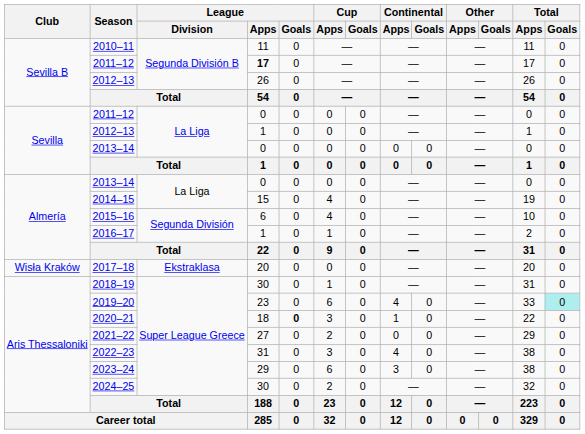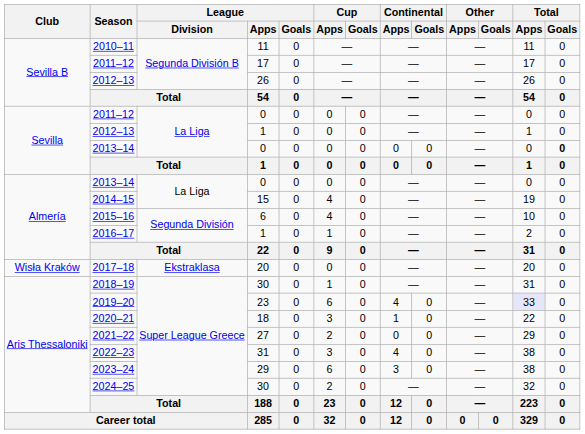 <table class="wikitable" style="text-align: center;">
 <tr>
 <th rowspan=2>Club</th>
 <th rowspan=2>Season</th>
 <th colspan=3>League</th>
 <th colspan=2>Cup</th>
 <th colspan=2>Continental</th>
 <th colspan=2>Other</th>
 <th colspan=2>Total</th>
 </tr>
 <tr>
 <th>Division</th>
 <th>Apps</th>
 <th>Goals</th>
 <th>Apps</th>
 <th>Goals</th>
 <th>Apps</th>
 <th>Goals</th>
 <th>Apps</th>
 <th>Goals</th>
 <th>Apps</th>
 <th>Goals</th>
 </tr>
 <tr>
 <td rowspan="4"><a href='#'>Sevilla B</a></td>
 <td><a href='#'>2010–11</a></td>
 <td rowspan="3"><a href='#'>Segunda División B</a></td>
 <td>11</td>
 <td>0</td>
 <td colspan="2">—</td>
 <td colspan="2">—</td>
 <td colspan="2">—</td>
 <td>11</td>
 <td>0</td>
 </tr>
 <tr>
 <td><a href='#'>2011–12</a></td>
-<td><strong>17</strong></td>
+<td>17</td>
 <td>0</td>
 <td colspan="2">—</td>
 <td colspan="2">—</td>
 <td colspan="2">—</td>
 <td>17</td>
 <td>0</td>
 </tr>
 <tr>
 <td><a href='#'>2012–13</a></td>
 <td>26</td>
 <td>0</td>
 <td colspan="2">—</td>
 <td colspan="2">—</td>
 <td colspan="2">—</td>
 <td>26</td>
 <td>0</td>
 </tr>
 <tr>
 <th colspan="2">Total</th>
 <th>54</th>
 <th>0</th>
 <th colspan="2">—</th>
 <th colspan="2">—</th>
 <th colspan="2">—</th>
 <th>54</th>
 <th>0</th>
 </tr>
 <tr>
 <td rowspan="4"><a href='#'>Sevilla</a></td>
 <td><a href='#'>2011–12</a></td>
 <td rowspan="3"><a href='#'>La Liga</a></td>
 <td>0</td>
 <td>0</td>
 <td>0</td>
 <td>0</td>
 <td colspan="2">—</td>
 <td colspan="2">—</td>
 <td>0</td>
 <td>0</td>
 </tr>
 <tr>
 <td><a href='#'>2012–13</a></td>
 <td>1</td>
 <td>0</td>
 <td>0</td>
 <td>0</td>
 <td colspan="2">—</td>
 <td colspan="2">—</td>
 <td>1</td>
 <td>0</td>
 </tr>
 <tr>
 <td><a href='#'>2013–14</a></td>
 <td>0</td>
 <td>0</td>
 <td>0</td>
 <td>0</td>
 <td>0</td>
 <td>0</td>
 <td colspan="2">—</td>
 <td>0</td>
-<td>0</td>
+<td><strong>0</strong></td>
 </tr>
 <tr>
 <th colspan="2">Total</th>
 <th>1</th>
 <th>0</th>
 <th>0</th>
 <th>0</th>
 <th>0</th>
 <th>0</th>
 <th colspan="2">—</th>
 <th>1</th>
 <th>0</th>
 </tr>
 <tr>
 <td rowspan="5"><a href='#'>Almería</a></td>
 <td><a href='#'>2013–14</a></td>
 <td rowspan="2">La Liga</td>
 <td>0</td>
 <td>0</td>
 <td>0</td>
 <td>0</td>
 <td colspan="2">—</td>
 <td colspan="2">—</td>
 <td>0</td>
 <td>0</td>
 </tr>
 <tr>
 <td><a href='#'>2014–15</a></td>
 <td>15</td>
 <td>0</td>
 <td>4</td>
 <td>0</td>
 <td colspan="2">—</td>
 <td colspan="2">—</td>
 <td>19</td>
 <td>0</td>
 </tr>
 <tr>
 <td><a href='#'>2015–16</a></td>
 <td rowspan="2"><a href='#'>Segunda División</a></td>
 <td>6</td>
 <td>0</td>
 <td>4</td>
 <td>0</td>
 <td colspan="2">—</td>
 <td colspan="2">—</td>
 <td>10</td>
 <td>0</td>
 </tr>
 <tr>
 <td><a href='#'>2016–17</a></td>
 <td>1</td>
 <td>0</td>
 <td>1</td>
 <td>0</td>
 <td colspan="2">—</td>
 <td colspan="2">—</td>
 <td>2</td>
 <td>0</td>
 </tr>
 <tr>
 <th colspan="2">Total</th>
 <th>22</th>
 <th>0</th>
 <th>9</th>
 <th>0</th>
 <th colspan="2">—</th>
 <th colspan="2">—</th>
 <th>31</th>
 <th>0</th>
 </tr>
 <tr>
 <td><a href='#'>Wisła Kraków</a></td>
 <td><a href='#'>2017–18</a></td>
 <td><a href='#'>Ekstraklasa</a></td>
 <td>20</td>
 <td>0</td>
 <td>0</td>
 <td>0</td>
 <td colspan="2">—</td>
 <td colspan="2">—</td>
 <td>20</td>
 <td>0</td>
 </tr>
 <tr>
 <td rowspan="8"><a href='#'>Aris Thessaloniki</a></td>
 <td><a href='#'>2018–19</a></td>
 <td rowspan="7"><a href='#'>Super League Greece</a></td>
 <td>30</td>
 <td>0</td>
 <td>1</td>
 <td>0</td>
 <td colspan="2">—</td>
 <td colspan="2">—</td>
 <td>31</td>
 <td>0</td>
 </tr>
 <tr>
 <td><a href='#'>2019–20</a></td>
 <td>23</td>
 <td>0</td>
 <td>6</td>
 <td>0</td>
 <td>4</td>
 <td>0</td>
 <td colspan="2">—</td>
-<td>33</td>
-<td style="background: paleturquoise;">0</td>
+<td style="background: lavender;">33</td>
+<td>0</td>
 </tr>
 <tr>
 <td><a href='#'>2020–21</a></td>
 <td>18</td>
-<td><strong>0</strong></td>
+<td>0</td>
 <td>3</td>
 <td>0</td>
 <td>1</td>
 <td>0</td>
 <td colspan="2">—</td>
 <td>22</td>
 <td>0</td>
 </tr>
 <tr>
 <td><a href='#'>2021–22</a></td>
 <td>27</td>
 <td>0</td>
 <td>2</td>
 <td>0</td>
 <td>0</td>
 <td>0</td>
 <td colspan="2">—</td>
 <td>29</td>
 <td>0</td>
 </tr>
 <tr>
 <td><a href='#'>2022–23</a></td>
 <td>31</td>
 <td>0</td>
 <td>3</td>
 <td>0</td>
 <td>4</td>
 <td>0</td>
 <td colspan="2">—</td>
 <td>38</td>
 <td>0</td>
 </tr>
 <tr>
 <td><a href='#'>2023–24</a></td>
 <td>29</td>
 <td>0</td>
 <td>6</td>
 <td>0</td>
 <td>3</td>
 <td>0</td>
 <td colspan="2">—</td>
 <td>38</td>
 <td>0</td>
 </tr>
 <tr>
 <td><a href='#'>2024–25</a></td>
 <td>30</td>
 <td>0</td>
 <td>2</td>
 <td>0</td>
 <td colspan="2">—</td>
 <td colspan="2">—</td>
 <td>32</td>
 <td>0</td>
 </tr>
 <tr>
 <th colspan="2">Total</th>
 <th>188</th>
 <th>0</th>
 <th>23</th>
 <th>0</th>
 <th>12</th>
 <th>0</th>
 <th colspan="2">—</th>
 <th>223</th>
 <th>0</th>
 </tr>
 <tr>
 <th colspan="3">Career total</th>
 <th>285</th>
 <th>0</th>
 <th>32</th>
 <th>0</th>
 <th>12</th>
 <th>0</th>
 <th>0</th>
 <th>0</th>
 <th>329</th>
 <th>0</th>
 </tr>
 </table>
